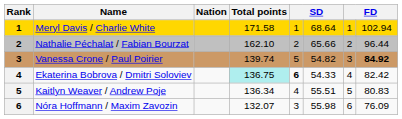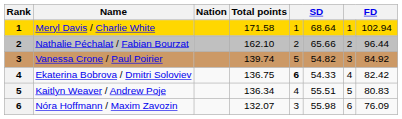 <table class="wikitable sortable">
 <tr>
 <th>Rank</th>
 <th>Name</th>
 <th>Nation</th>
 <th>Total points</th>
 <th colspan="2" width="80px"><a href='#'>SD</a></th>
 <th colspan="2" width="80px"><a href='#'>FD</a></th>
 </tr>
 <tr bgcolor="gold">
 <td align="center"><strong>1</strong></td>
 <td><a href='#'>Meryl Davis</a> / <a href='#'>Charlie White</a></td>
 <td></td>
 <td align="center">171.58</td>
 <td align="center">1</td>
 <td align="center">68.64</td>
 <td align="center">1</td>
 <td align="center">102.94</td>
 </tr>
 <tr bgcolor="silver">
 <td align="center"><strong>2</strong></td>
 <td><a href='#'>Nathalie Péchalat</a> / <a href='#'>Fabian Bourzat</a></td>
 <td></td>
 <td align="center">162.10</td>
 <td align="center">2</td>
 <td align="center">65.66</td>
 <td align="center">2</td>
 <td align="center">96.44</td>
 </tr>
 <tr bgcolor="cc9966">
 <td align="center"><strong>3</strong></td>
 <td><a href='#'>Vanessa Crone</a> / <a href='#'>Paul Poirier</a></td>
 <td></td>
 <td align="center">139.74</td>
 <td align="center">5</td>
 <td align="center">54.82</td>
 <td align="center">3</td>
-<td align="center"><strong>84.92</strong></td>
+<td align="center">84.92</td>
 </tr>
 <tr>
 <th>4</th>
 <td><a href='#'>Ekaterina Bobrova</a> / <a href='#'>Dmitri Soloviev</a></td>
 <td></td>
-<td align="center" style="background: paleturquoise;">136.75</td>
+<td align="center">136.75</td>
 <td align="center"><strong>6</strong></td>
 <td align="center">54.33</td>
 <td align="center">4</td>
 <td align="center">82.42</td>
 </tr>
 <tr>
 <th>5</th>
 <td><a href='#'>Kaitlyn Weaver</a> / <a href='#'>Andrew Poje</a></td>
 <td></td>
 <td align="center">136.34</td>
 <td align="center">4</td>
 <td align="center">55.51</td>
 <td align="center">5</td>
 <td align="center">80.83</td>
 </tr>
 <tr>
 <th>6</th>
 <td><a href='#'>Nóra Hoffmann</a> / <a href='#'>Maxim Zavozin</a></td>
 <td></td>
 <td align="center">132.07</td>
 <td align="center">3</td>
 <td align="center">55.98</td>
 <td align="center">6</td>
 <td align="center">76.09</td>
 </tr>
 </table>
